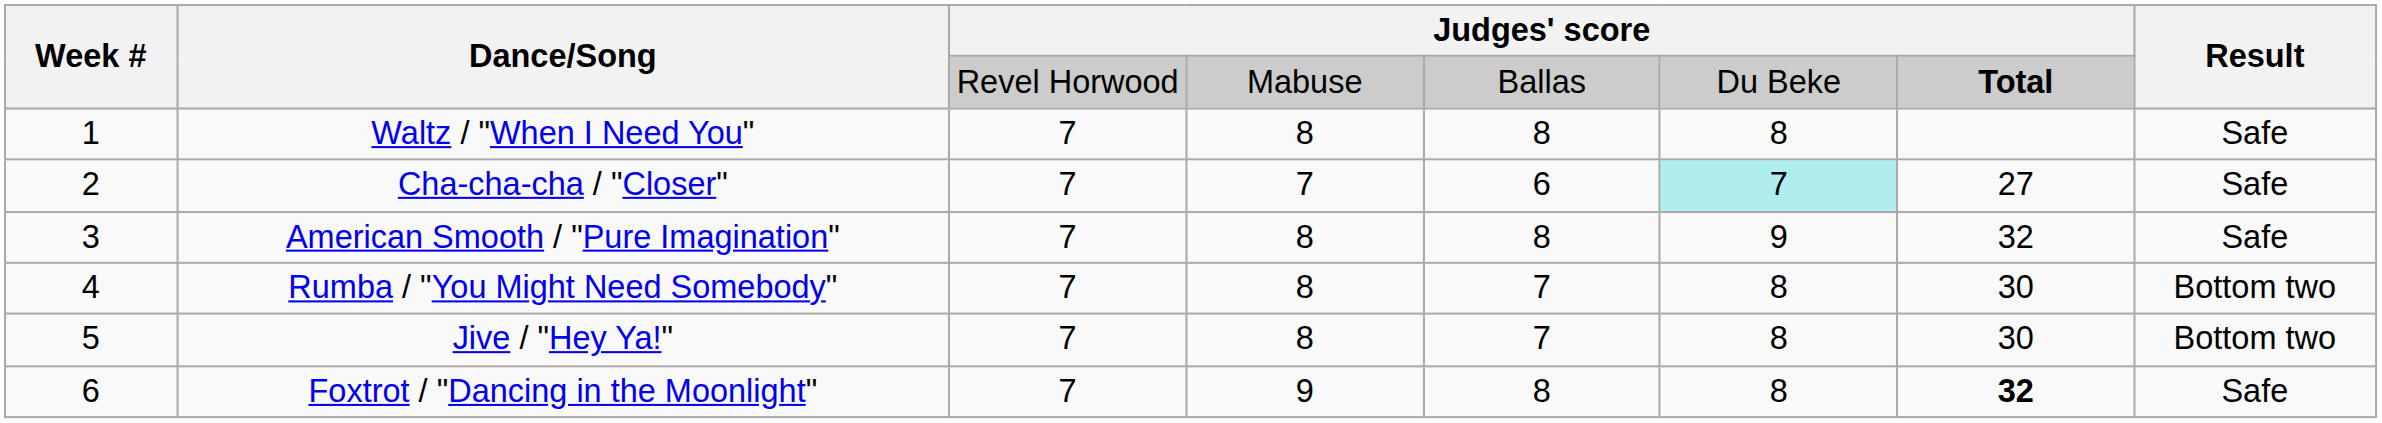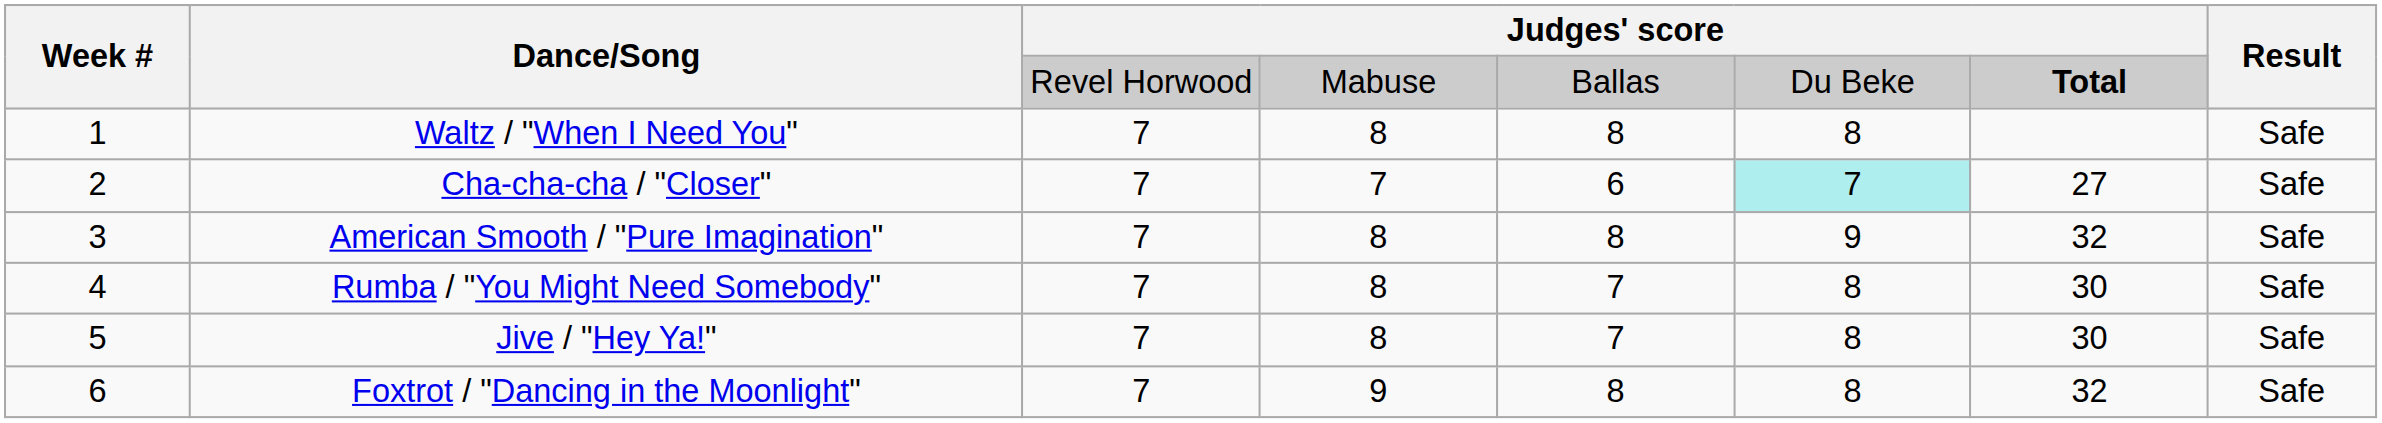 <table class="wikitable collapsible collapsed">
 <tr style="text-align:center; background:#ccc;">
 <th rowspan="2">Week #</th>
 <th rowspan="2">Dance/Song</th>
 <th colspan="5">Judges' score</th>
 <th rowspan="2">Result</th>
 </tr>
 <tr style="text-align:center; background:#ccc;">
 <td style="width:10%; ">Revel Horwood</td>
 <td style="width:10%; ">Mabuse</td>
 <td style="width:10%; ">Ballas</td>
 <td style="width:10%; ">Du Beke</td>
 <td style="width:10%; "><strong>Total</strong></td>
 </tr>
 <tr style="text-align:center;">
 <td>1</td>
 <td><a href='#'>Waltz</a> / "<a href='#'>When I Need You</a>"</td>
 <td>7</td>
 <td>8</td>
 <td>8</td>
 <td>8</td>
 <td></td>
 <td>Safe</td>
 </tr>
 <tr style="text-align:center;">
 <td>2</td>
 <td><a href='#'>Cha-cha-cha</a> / "<a href='#'>Closer</a>"</td>
 <td>7</td>
 <td>7</td>
 <td>6</td>
 <td style="background: paleturquoise;">7</td>
 <td>27</td>
 <td>Safe</td>
 </tr>
 <tr style="text-align:center;">
 <td>3</td>
 <td><a href='#'>American Smooth</a> / "<a href='#'>Pure Imagination</a>"</td>
 <td>7</td>
 <td>8</td>
 <td>8</td>
 <td>9</td>
 <td>32</td>
 <td>Safe</td>
 </tr>
 <tr style="text-align:center;">
 <td>4</td>
 <td><a href='#'>Rumba</a> / "<a href='#'>You Might Need Somebody</a>"</td>
 <td>7</td>
 <td>8</td>
 <td>7</td>
 <td>8</td>
 <td>30</td>
-<td>Bottom two</td>
+<td>Safe</td>
 </tr>
 <tr style="text-align:center;">
 <td>5</td>
 <td><a href='#'>Jive</a> / "<a href='#'>Hey Ya!</a>"</td>
 <td>7</td>
 <td>8</td>
 <td>7</td>
 <td>8</td>
 <td>30</td>
-<td>Bottom two</td>
+<td>Safe</td>
 </tr>
 <tr style="text-align:center;">
 <td>6</td>
 <td><a href='#'>Foxtrot</a> / "<a href='#'>Dancing in the Moonlight</a>"</td>
 <td>7</td>
 <td>9</td>
 <td>8</td>
 <td>8</td>
-<td><strong>32</strong></td>
+<td>32</td>
 <td>Safe</td>
 </tr>
 </table>
